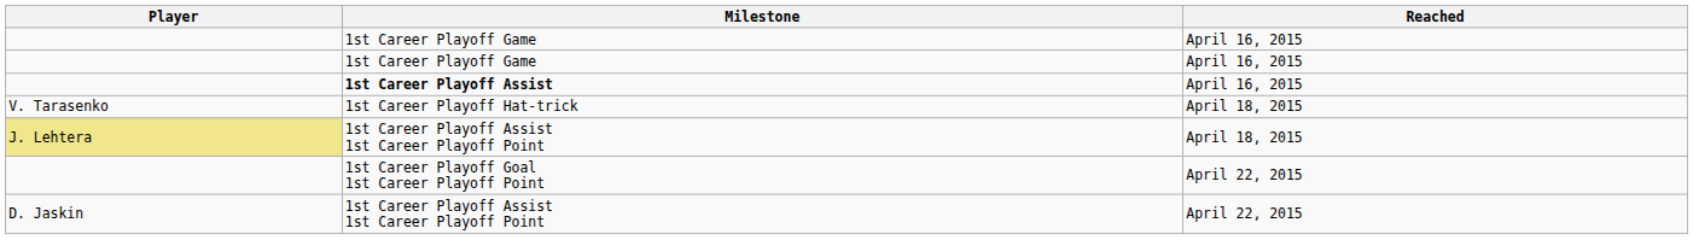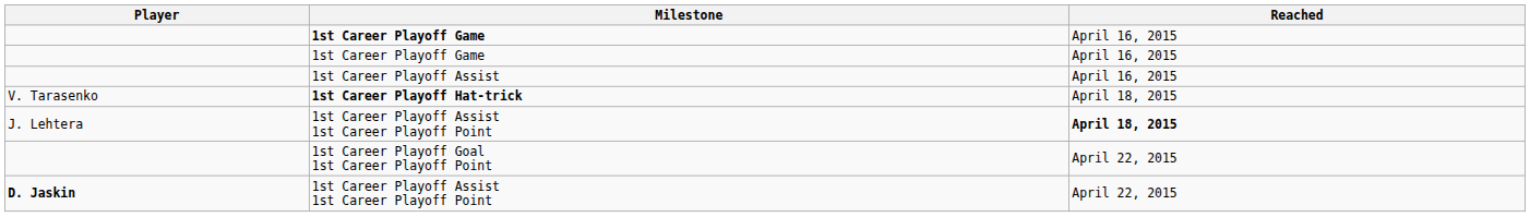 <table class="wikitable sortable" style="width:100%;">
 <tr align=center>
 <th style="width:20%;">Player</th>
 <th style="width:50%;">Milestone</th>
 <th style="width:30%;" data-sort-type="date">Reached</th>
 </tr>
 <tr>
 <td></td>
-<td>1st Career Playoff Game</td>
+<td><strong>1st Career Playoff Game</strong></td>
 <td>April 16, 2015</td>
 </tr>
 <tr>
 <td></td>
 <td>1st Career Playoff Game</td>
 <td>April 16, 2015</td>
 </tr>
 <tr>
 <td></td>
-<td><strong>1st Career Playoff Assist</strong></td>
+<td>1st Career Playoff Assist</td>
 <td>April 16, 2015</td>
 </tr>
 <tr>
 <td>V. Tarasenko</td>
-<td>1st Career Playoff Hat-trick</td>
+<td><strong>1st Career Playoff Hat-trick</strong></td>
 <td>April 18, 2015</td>
 </tr>
 <tr>
-<td style="background: khaki;">J. Lehtera</td>
+<td>J. Lehtera</td>
 <td>1st Career Playoff Assist<br>1st Career Playoff Point</td>
-<td>April 18, 2015</td>
+<td><strong>April 18, 2015</strong></td>
 </tr>
 <tr>
 <td></td>
 <td>1st Career Playoff Goal<br>1st Career Playoff Point</td>
 <td>April 22, 2015</td>
 </tr>
 <tr>
-<td>D. Jaskin</td>
+<td><strong>D. Jaskin</strong></td>
 <td>1st Career Playoff Assist<br>1st Career Playoff Point</td>
 <td>April 22, 2015</td>
 </tr>
 </table>
